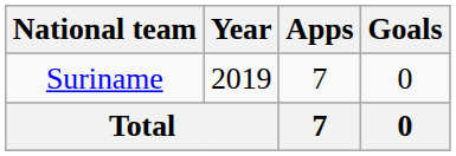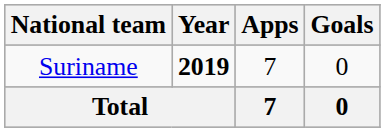 <table class="wikitable" style="text-align:center">
 <tr>
 <th>National team</th>
 <th>Year</th>
 <th>Apps</th>
 <th>Goals</th>
 </tr>
 <tr>
 <td rowspan="1"><a href='#'>Suriname</a></td>
-<td>2019</td>
+<td><strong>2019</strong></td>
 <td>7</td>
 <td>0</td>
 </tr>
 <tr>
 <th colspan=2>Total</th>
 <th>7</th>
 <th>0</th>
 </tr>
 </table>
